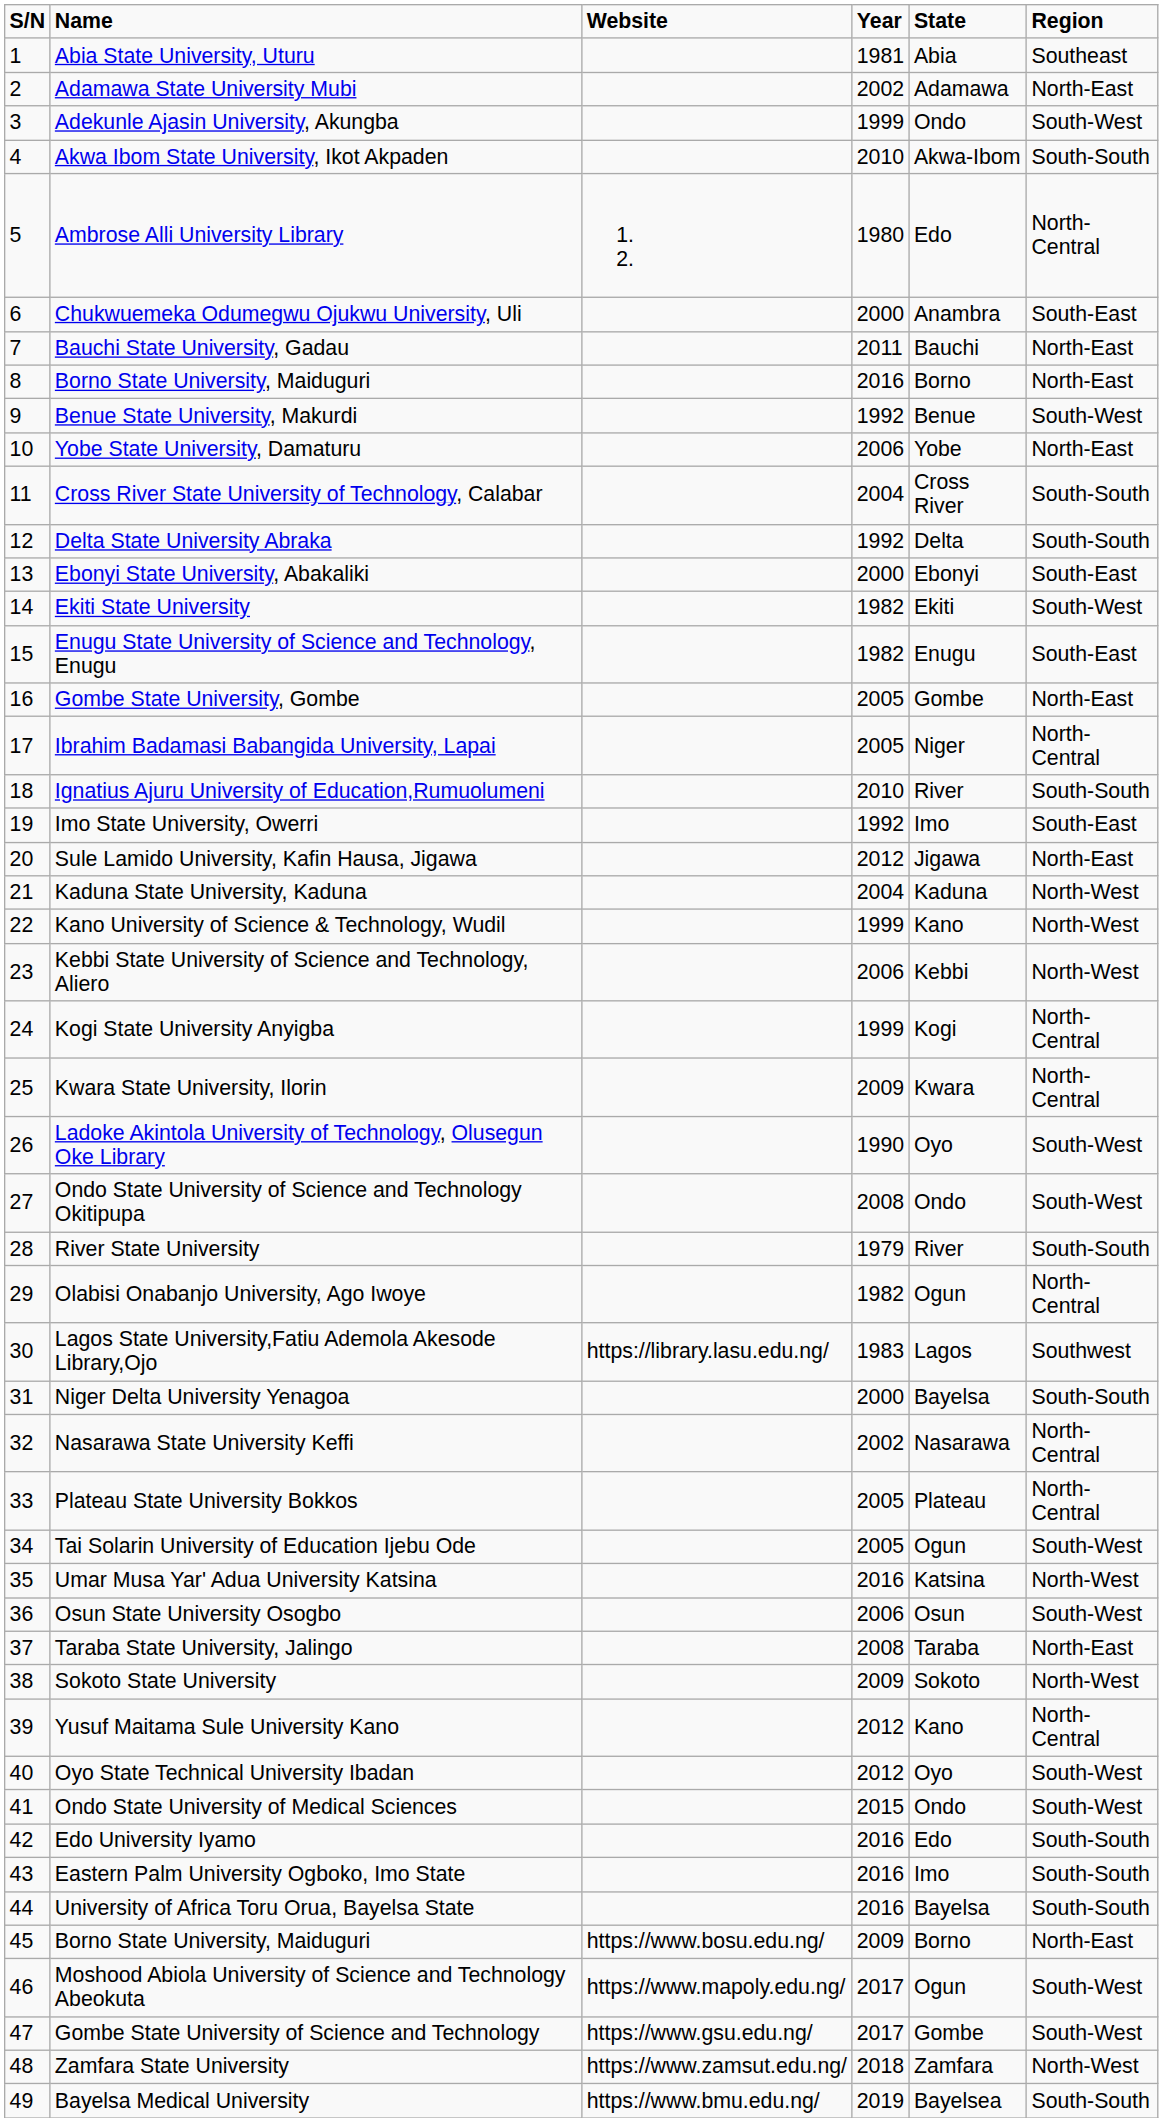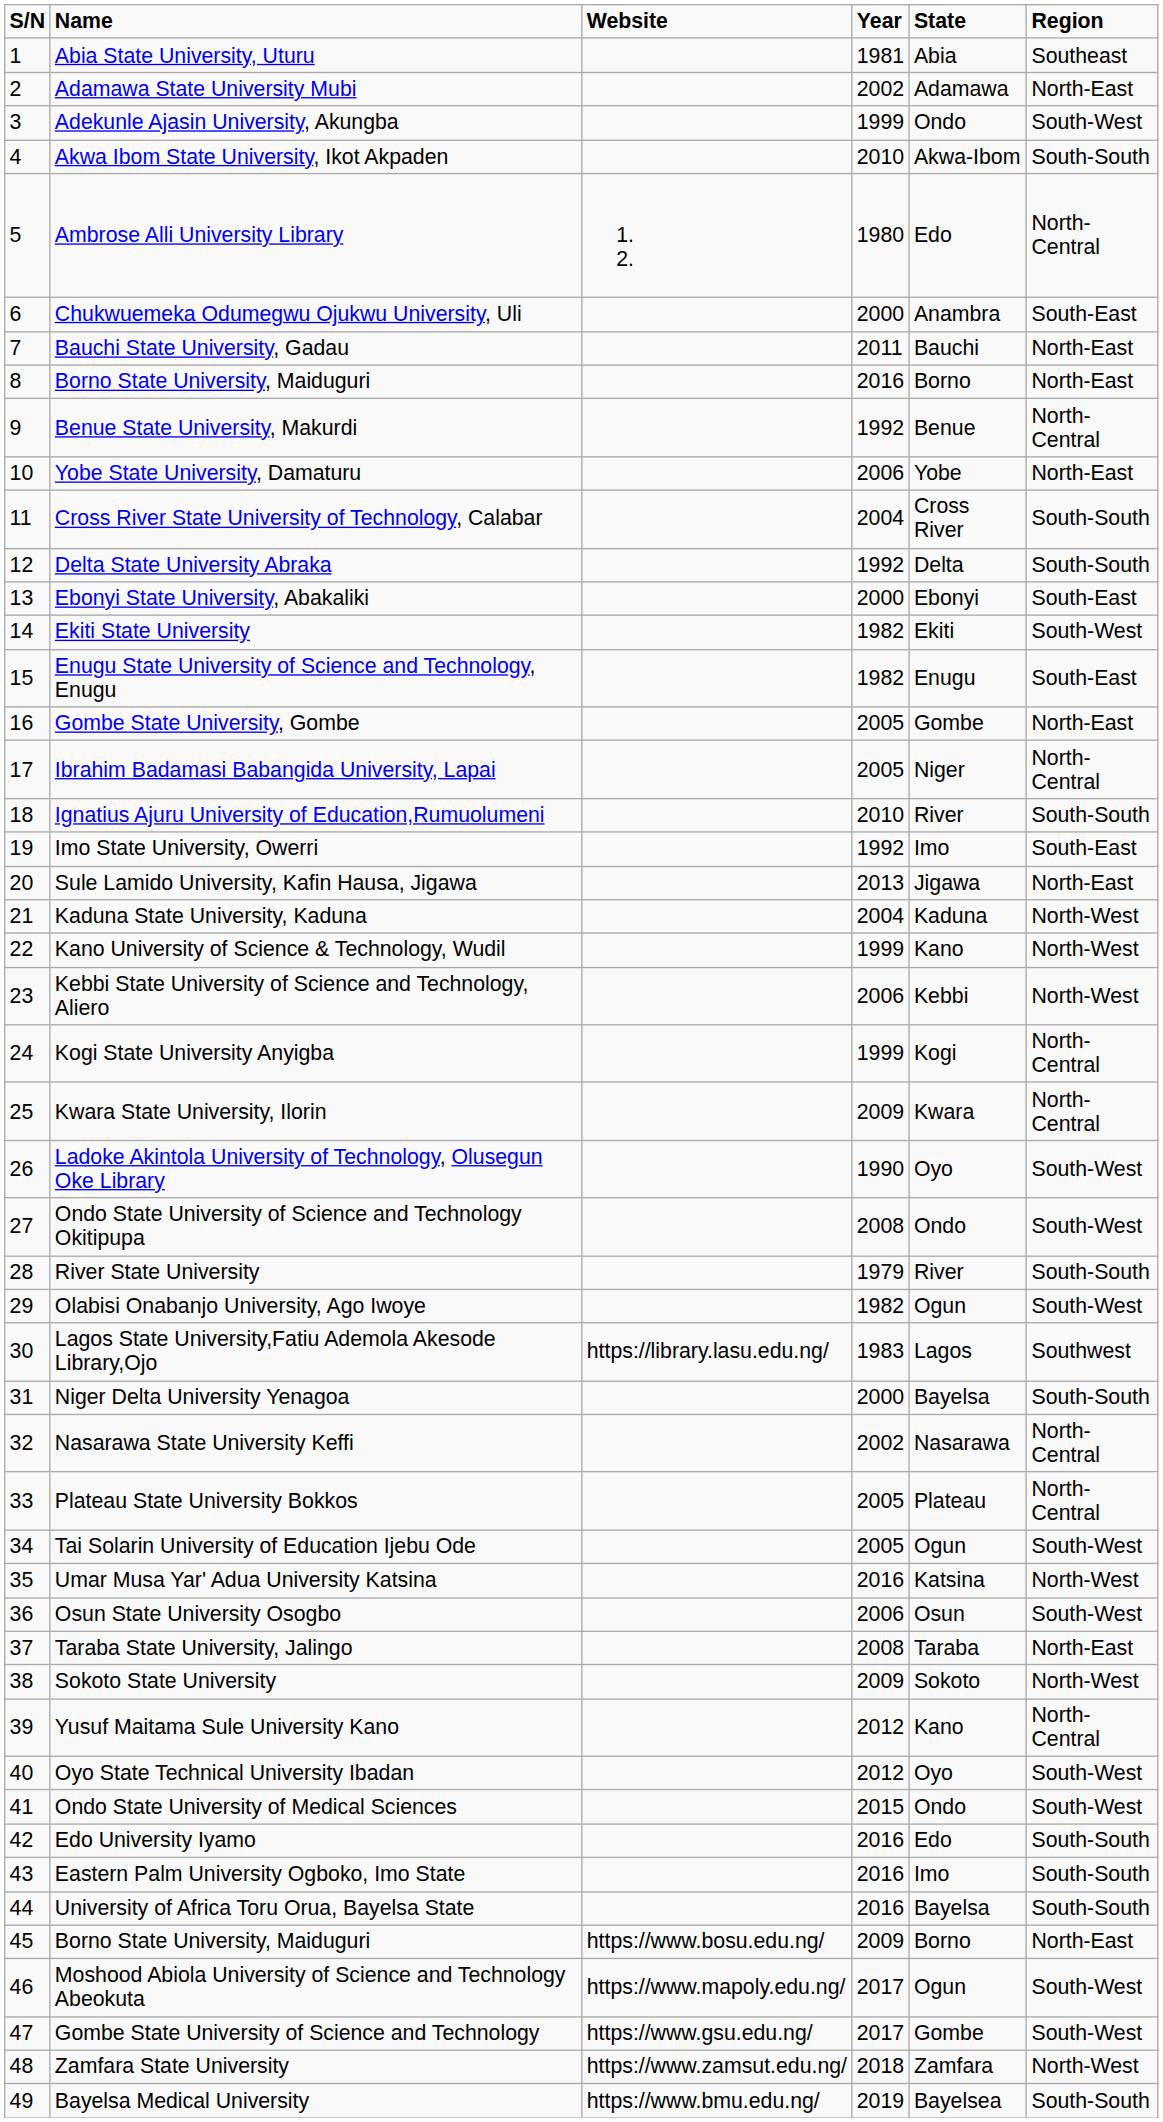 <table class="wikitable sortable">
 <tr>
 <td><strong>S/N</strong></td>
 <td><strong>Name</strong></td>
 <td><strong>Website</strong></td>
 <td><strong>Year</strong></td>
 <td><strong>State</strong></td>
 <td><strong>Region</strong></td>
 </tr>
 <tr>
 <td>1</td>
 <td><a href='#'>Abia State University, Uturu</a></td>
 <td></td>
 <td>1981</td>
 <td>Abia</td>
 <td>Southeast</td>
 </tr>
 <tr>
 <td>2</td>
 <td><a href='#'>Adamawa State University Mubi</a></td>
 <td></td>
 <td>2002</td>
 <td>Adamawa</td>
 <td>North-East</td>
 </tr>
 <tr>
 <td>3</td>
 <td><a href='#'>Adekunle Ajasin University</a>, Akungba</td>
 <td></td>
 <td>1999</td>
 <td>Ondo</td>
 <td>South-West</td>
 </tr>
 <tr>
 <td>4</td>
 <td><a href='#'>Akwa Ibom State University</a>, Ikot Akpaden</td>
 <td></td>
 <td>2010</td>
 <td>Akwa-Ibom</td>
 <td>South-South</td>
 </tr>
 <tr>
 <td>5</td>
 <td><a href='#'>Ambrose Alli University Library</a></td>
 <td><br><ol><li></li><li></li></ol></td>
 <td>1980</td>
 <td>Edo</td>
 <td>North-Central</td>
 </tr>
 <tr>
 <td>6</td>
 <td><a href='#'>Chukwuemeka Odumegwu Ojukwu University</a>, Uli</td>
 <td></td>
 <td>2000</td>
 <td>Anambra</td>
 <td>South-East</td>
 </tr>
 <tr>
 <td>7</td>
 <td><a href='#'>Bauchi State University</a>, Gadau</td>
 <td></td>
 <td>2011</td>
 <td>Bauchi</td>
 <td>North-East</td>
 </tr>
 <tr>
 <td>8</td>
 <td><a href='#'>Borno State University</a>, Maiduguri</td>
 <td></td>
 <td>2016</td>
 <td>Borno</td>
 <td>North-East</td>
 </tr>
 <tr>
 <td>9</td>
 <td><a href='#'>Benue State University</a>, Makurdi</td>
 <td></td>
 <td>1992</td>
 <td>Benue</td>
-<td>South-West</td>
+<td>North-Central</td>
 </tr>
 <tr>
 <td>10</td>
 <td><a href='#'>Yobe State University</a>, Damaturu</td>
 <td></td>
 <td>2006</td>
 <td>Yobe</td>
 <td>North-East</td>
 </tr>
 <tr>
 <td>11</td>
 <td><a href='#'>Cross River State University of Technology</a>, Calabar</td>
 <td></td>
 <td>2004</td>
 <td>Cross River</td>
 <td>South-South</td>
 </tr>
 <tr>
 <td>12</td>
 <td><a href='#'>Delta State University Abraka</a></td>
 <td></td>
 <td>1992</td>
 <td>Delta</td>
 <td>South-South</td>
 </tr>
 <tr>
 <td>13</td>
 <td><a href='#'>Ebonyi State University</a>, Abakaliki</td>
 <td></td>
 <td>2000</td>
 <td>Ebonyi</td>
 <td>South-East</td>
 </tr>
 <tr>
 <td>14</td>
 <td><a href='#'>Ekiti State University</a></td>
 <td></td>
 <td>1982</td>
 <td>Ekiti</td>
 <td>South-West</td>
 </tr>
 <tr>
 <td>15</td>
 <td><a href='#'>Enugu State University of Science and Technology</a>, Enugu</td>
 <td></td>
 <td>1982</td>
 <td>Enugu</td>
 <td>South-East</td>
 </tr>
 <tr>
 <td>16</td>
 <td><a href='#'>Gombe State University</a>, Gombe</td>
 <td></td>
 <td>2005</td>
 <td>Gombe</td>
 <td>North-East</td>
 </tr>
 <tr>
 <td>17</td>
 <td><a href='#'>Ibrahim Badamasi Babangida University, Lapai</a></td>
 <td></td>
 <td>2005</td>
 <td>Niger</td>
 <td>North-Central</td>
 </tr>
 <tr>
 <td>18</td>
 <td><a href='#'>Ignatius Ajuru University of Education,Rumuolumeni</a></td>
 <td></td>
 <td>2010</td>
 <td>River</td>
 <td>South-South</td>
 </tr>
 <tr>
 <td>19</td>
 <td>Imo State University, Owerri</td>
 <td></td>
 <td>1992</td>
 <td>Imo</td>
 <td>South-East</td>
 </tr>
 <tr>
 <td>20</td>
 <td>Sule Lamido University, Kafin Hausa, Jigawa</td>
 <td></td>
-<td>2012</td>
+<td>2013</td>
 <td>Jigawa</td>
 <td>North-East</td>
 </tr>
 <tr>
 <td>21</td>
 <td>Kaduna State University, Kaduna</td>
 <td></td>
 <td>2004</td>
 <td>Kaduna</td>
 <td>North-West</td>
 </tr>
 <tr>
 <td>22</td>
 <td>Kano University of Science & Technology, Wudil</td>
 <td></td>
 <td>1999</td>
 <td>Kano</td>
 <td>North-West</td>
 </tr>
 <tr>
 <td>23</td>
 <td>Kebbi State University of Science and Technology, Aliero</td>
 <td></td>
 <td>2006</td>
 <td>Kebbi</td>
 <td>North-West</td>
 </tr>
 <tr>
 <td>24</td>
 <td>Kogi State University Anyigba</td>
 <td></td>
 <td>1999</td>
 <td>Kogi</td>
 <td>North-Central</td>
 </tr>
 <tr>
 <td>25</td>
 <td>Kwara State University, Ilorin</td>
 <td></td>
 <td>2009</td>
 <td>Kwara</td>
 <td>North-Central</td>
 </tr>
 <tr>
 <td>26</td>
 <td><a href='#'>Ladoke Akintola University of Technology</a>, <a href='#'>Olusegun Oke Library</a></td>
 <td></td>
 <td>1990</td>
 <td>Oyo</td>
 <td>South-West</td>
 </tr>
 <tr>
 <td>27</td>
 <td>Ondo State University of Science and Technology Okitipupa</td>
 <td></td>
 <td>2008</td>
 <td>Ondo</td>
 <td>South-West</td>
 </tr>
 <tr>
 <td>28</td>
 <td>River State University</td>
 <td></td>
 <td>1979</td>
 <td>River</td>
 <td>South-South</td>
 </tr>
 <tr>
 <td>29</td>
 <td>Olabisi Onabanjo University, Ago Iwoye</td>
 <td></td>
 <td>1982</td>
 <td>Ogun</td>
-<td>North-Central</td>
+<td>South-West</td>
 </tr>
 <tr>
 <td>30</td>
 <td>Lagos State University,Fatiu Ademola Akesode Library,Ojo</td>
 <td>https://library.lasu.edu.ng/</td>
 <td>1983</td>
 <td>Lagos</td>
 <td>Southwest</td>
 </tr>
 <tr>
 <td>31</td>
 <td>Niger Delta University Yenagoa</td>
 <td></td>
 <td>2000</td>
 <td>Bayelsa</td>
 <td>South-South</td>
 </tr>
 <tr>
 <td>32</td>
 <td>Nasarawa State University Keffi</td>
 <td></td>
 <td>2002</td>
 <td>Nasarawa</td>
 <td>North-Central</td>
 </tr>
 <tr>
 <td>33</td>
 <td>Plateau State University Bokkos</td>
 <td></td>
 <td>2005</td>
 <td>Plateau</td>
 <td>North-Central</td>
 </tr>
 <tr>
 <td>34</td>
 <td>Tai Solarin University of Education Ijebu Ode</td>
 <td></td>
 <td>2005</td>
 <td>Ogun</td>
 <td>South-West</td>
 </tr>
 <tr>
 <td>35</td>
 <td>Umar Musa Yar' Adua University Katsina</td>
 <td></td>
 <td>2016</td>
 <td>Katsina</td>
 <td>North-West</td>
 </tr>
 <tr>
 <td>36</td>
 <td>Osun State University Osogbo</td>
 <td></td>
 <td>2006</td>
 <td>Osun</td>
 <td>South-West</td>
 </tr>
 <tr>
 <td>37</td>
 <td>Taraba State University, Jalingo</td>
 <td></td>
 <td>2008</td>
 <td>Taraba</td>
 <td>North-East</td>
 </tr>
 <tr>
 <td>38</td>
 <td>Sokoto State University</td>
 <td></td>
 <td>2009</td>
 <td>Sokoto</td>
 <td>North-West</td>
 </tr>
 <tr>
 <td>39</td>
 <td>Yusuf Maitama Sule University Kano</td>
 <td></td>
 <td>2012</td>
 <td>Kano</td>
 <td>North-Central</td>
 </tr>
 <tr>
 <td>40</td>
 <td>Oyo State Technical University Ibadan</td>
 <td></td>
 <td>2012</td>
 <td>Oyo</td>
 <td>South-West</td>
 </tr>
 <tr>
 <td>41</td>
 <td>Ondo State University of Medical Sciences</td>
 <td></td>
 <td>2015</td>
 <td>Ondo</td>
 <td>South-West</td>
 </tr>
 <tr>
 <td>42</td>
 <td>Edo University Iyamo</td>
 <td></td>
 <td>2016</td>
 <td>Edo</td>
 <td>South-South</td>
 </tr>
 <tr>
 <td>43</td>
 <td>Eastern Palm University Ogboko, Imo State</td>
 <td></td>
 <td>2016</td>
 <td>Imo</td>
 <td>South-South</td>
 </tr>
 <tr>
 <td>44</td>
 <td>University of Africa Toru Orua, Bayelsa State</td>
 <td></td>
 <td>2016</td>
 <td>Bayelsa</td>
 <td>South-South</td>
 </tr>
 <tr>
 <td>45</td>
 <td>Borno State University, Maiduguri</td>
 <td>https://www.bosu.edu.ng/</td>
 <td>2009</td>
 <td>Borno</td>
 <td>North-East</td>
 </tr>
 <tr>
 <td>46</td>
 <td>Moshood Abiola University of Science and Technology Abeokuta</td>
 <td>https://www.mapoly.edu.ng/</td>
 <td>2017</td>
 <td>Ogun</td>
 <td>South-West</td>
 </tr>
 <tr>
 <td>47</td>
 <td>Gombe State University of Science and Technology</td>
 <td>https://www.gsu.edu.ng/</td>
 <td>2017</td>
 <td>Gombe</td>
 <td>South-West</td>
 </tr>
 <tr>
 <td>48</td>
 <td>Zamfara State University</td>
 <td>https://www.zamsut.edu.ng/</td>
 <td>2018</td>
 <td>Zamfara</td>
 <td>North-West</td>
 </tr>
 <tr>
 <td>49</td>
 <td>Bayelsa Medical University</td>
 <td>https://www.bmu.edu.ng/</td>
 <td>2019</td>
 <td>Bayelsea</td>
 <td>South-South</td>
 </tr>
 </table>
